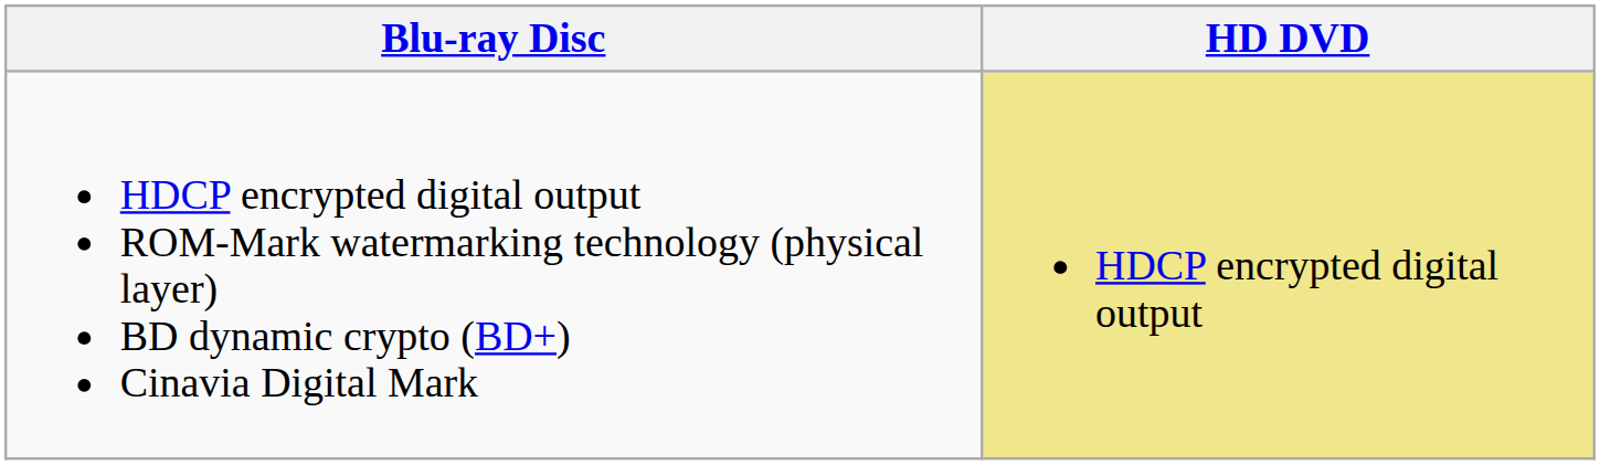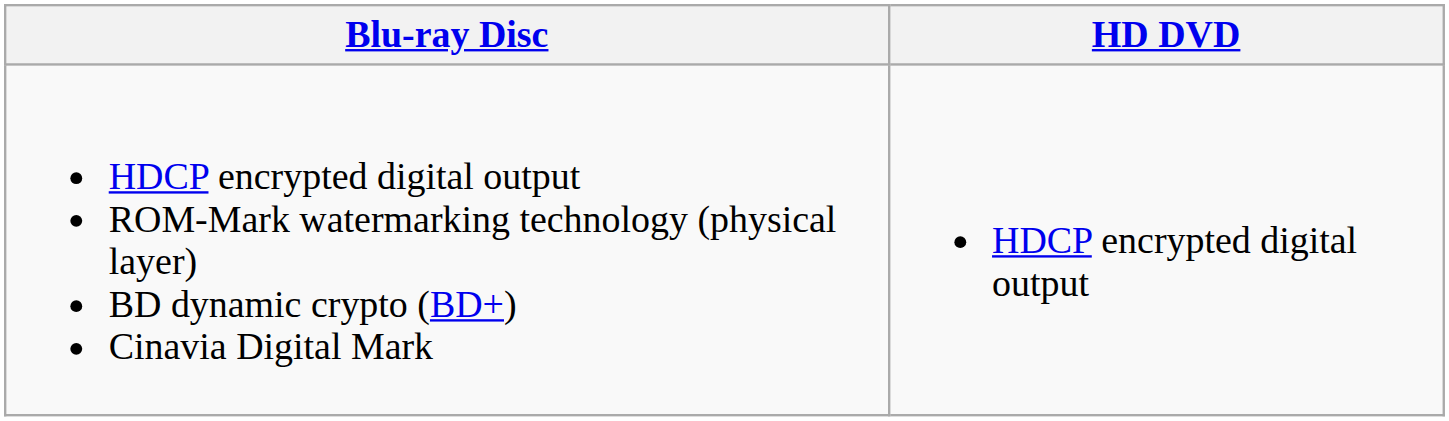 <table class="wikitable">
 <tr>
 <th><a href='#'>Blu-ray Disc</a></th>
 <th><a href='#'>HD DVD</a></th>
 </tr>
 <tr>
 <td><br><ul><li><a href='#'>HDCP</a> encrypted digital output</li><li>ROM-Mark watermarking technology (physical layer)</li><li>BD dynamic crypto (<a href='#'>BD+</a>)</li><li>Cinavia Digital Mark</li></ul></td>
-<td style="background: khaki;"><br><ul><li><a href='#'>HDCP</a> encrypted digital output</li></ul></td>
+<td><br><ul><li><a href='#'>HDCP</a> encrypted digital output</li></ul></td>
 </tr>
 </table>
